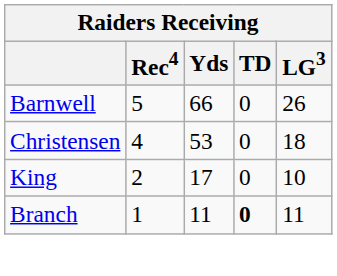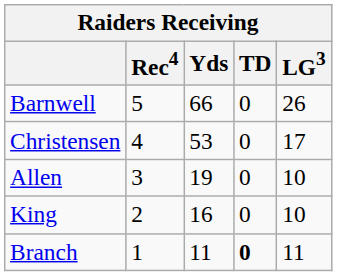 <table class="wikitable">
 <tr>
 <th colspan="5">Raiders Receiving</th>
 </tr>
 <tr>
 <th></th>
 <th>Rec<sup>4</sup></th>
 <th>Yds</th>
 <th>TD</th>
 <th>LG<sup>3</sup></th>
 </tr>
 <tr>
 <td><a href='#'>Barnwell</a></td>
 <td>5</td>
 <td>66</td>
 <td>0</td>
 <td>26</td>
 </tr>
 <tr>
 <td><a href='#'>Christensen</a></td>
 <td>4</td>
 <td>53</td>
 <td>0</td>
-<td>18</td>
+<td>17</td>
+</tr>
+<tr>
+<td><a href='#'>Allen</a></td>
+<td>3</td>
+<td>19</td>
+<td>0</td>
+<td>10</td>
 </tr>
 <tr>
 <td><a href='#'>King</a></td>
 <td>2</td>
-<td>17</td>
+<td>16</td>
 <td>0</td>
 <td>10</td>
 </tr>
 <tr>
 <td><a href='#'>Branch</a></td>
 <td>1</td>
 <td>11</td>
 <td><strong>0</strong></td>
 <td>11</td>
 </tr>
 </table>
